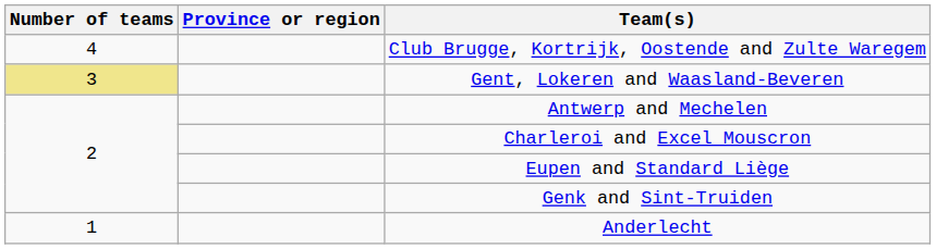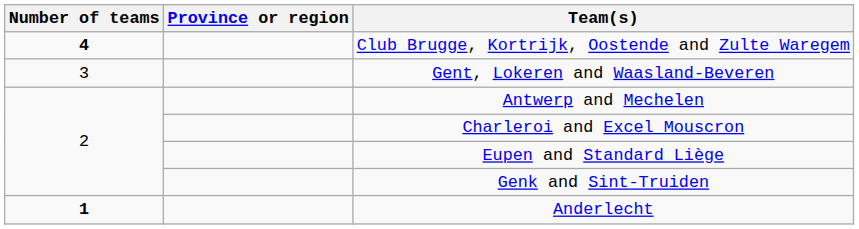 <table class="wikitable" style="text-align:center">
 <tr>
 <th>Number of teams</th>
 <th><a href='#'>Province</a> or region</th>
 <th>Team(s)</th>
 </tr>
 <tr>
-<td>4</td>
+<td><strong>4</strong></td>
 <td align="left"></td>
 <td><a href='#'>Club Brugge</a>, <a href='#'>Kortrijk</a>, <a href='#'>Oostende</a> and <a href='#'>Zulte Waregem</a></td>
 </tr>
 <tr>
-<td style="background: khaki;">3</td>
+<td>3</td>
 <td align="left"></td>
 <td><a href='#'>Gent</a>, <a href='#'>Lokeren</a> and <a href='#'>Waasland-Beveren</a></td>
 </tr>
 <tr>
 <td rowspan="4">2</td>
 <td align="left"></td>
 <td><a href='#'>Antwerp</a> and <a href='#'>Mechelen</a></td>
 </tr>
 <tr>
 <td align="left"></td>
 <td><a href='#'>Charleroi</a> and <a href='#'>Excel Mouscron</a></td>
 </tr>
 <tr>
 <td align="left"></td>
 <td><a href='#'>Eupen</a> and <a href='#'>Standard Liège</a></td>
 </tr>
 <tr>
 <td align="left"></td>
 <td><a href='#'>Genk</a> and <a href='#'>Sint-Truiden</a></td>
 </tr>
 <tr>
-<td>1</td>
+<td><strong>1</strong></td>
 <td align="left"></td>
 <td><a href='#'>Anderlecht</a></td>
 </tr>
 </table>
